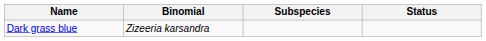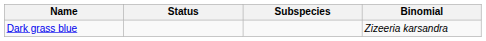 <table width=60% class="wikitable">
 <tr>
 <th width=20%>Name</th>
+<th width=20%>Status</th>
+<th width=20%>Subspecies</th>
 <th width=20%>Binomial</th>
-<th width=20%>Subspecies</th>
-<th width=20%>Status</th>
 </tr>
 <tr>
 <td><a href='#'>Dark grass blue</a><br>  </td>
-<td><em>Zizeeria karsandra</em></td>
 <td></td>
 <td></td>
+<td><em>Zizeeria karsandra</em></td>
 </tr>
 </table>
